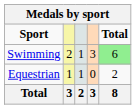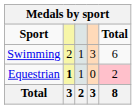 <table class="wikitable" border="1" style="font-size:85%; float:down">
 <tr bgcolor=#efefef>
 <th colspan=7><strong>Medals by sport</strong></th>
 </tr>
 <tr align=center>
 <td><strong>Sport</strong></td>
 <td bgcolor=#f7f6a8></td>
 <td bgcolor=#dce5e5></td>
 <td bgcolor=#ffdab9></td>
 <td><strong>Total</strong></td>
 </tr>
 <tr align=center>
 <td><a href='#'>Swimming</a></td>
 <td bgcolor=#f7f6a8>2</td>
 <td bgcolor=#dce5e5>1</td>
 <td bgcolor=#ffdab9>3</td>
-<td style="background: lightgreen;">6</td>
+<td>6</td>
 </tr>
 <tr align=center>
 <td><a href='#'>Equestrian</a></td>
-<td bgcolor=#f7f6a8>1</td>
+<td bgcolor=#f7f6a8><strong>1</strong></td>
 <td bgcolor=#dce5e5>1</td>
 <td bgcolor=#ffdab9>0</td>
-<td>2</td>
+<td style="background: pink;">2</td>
 </tr>
 <tr align=center>
 <th><strong>Total</strong></th>
 <th bgcolor=gold><strong>3</strong></th>
 <th bgcolor=silver><strong>2</strong></th>
 <th bgcolor=#c96><strong>3</strong></th>
 <th><strong>8</strong></th>
 </tr>
 </table>
